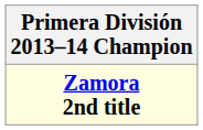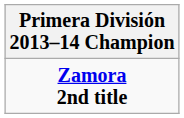 <table class="wikitable" style="text-align: center; margin: 0 auto;">
 <tr>
 <th>Primera División<br>2013–14 Champion</th>
 </tr>
 <tr>
-<td style="background: lightyellow;"><strong><a href='#'>Zamora</a></strong><br><strong>2nd title</strong></td>
+<td><strong><a href='#'>Zamora</a></strong><br><strong>2nd title</strong></td>
 </tr>
 </table>
